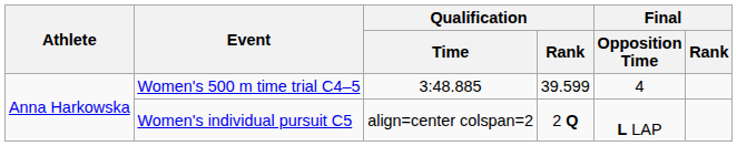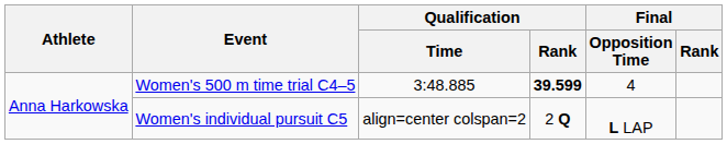 <table class=wikitable style="font-size:90%">
 <tr>
 <th rowspan="2">Athlete</th>
 <th rowspan="2">Event</th>
 <th colspan="2">Qualification</th>
 <th colspan="2">Final</th>
 </tr>
 <tr>
 <th>Time</th>
 <th>Rank</th>
 <th>Opposition<br>Time</th>
 <th>Rank</th>
 </tr>
 <tr>
 <td rowspan="2"><a href='#'>Anna Harkowska</a></td>
 <td><a href='#'>Women's 500 m time trial C4–5</a></td>
 <td align="center">3:48.885</td>
-<td align="center">39.599</td>
+<td align="center"><strong>39.599</strong></td>
 <td align="center">4</td>
 </tr>
 <tr>
 <td><a href='#'>Women's individual pursuit C5</a></td>
 <td>align=center colspan=2 </td>
 <td align="center">2 <strong>Q</strong></td>
 <td align="center"><br><strong>L</strong> LAP</td>
 <td align="center"></td>
 </tr>
 </table>
